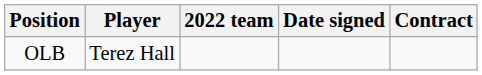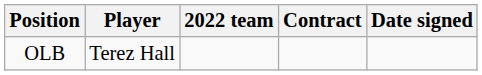 <table class="wikitable" style="text-align:center">
 <tr>
 <th>Position</th>
 <th>Player</th>
 <th>2022 team</th>
+<th>Contract</th>
 <th>Date signed</th>
-<th>Contract</th>
 </tr>
 <tr>
 <td Linebacker>OLB</td>
 <td><span></span>Terez Hall</td>
 <td></td>
 <td></td>
 <td></td>
 </tr>
 </table>
